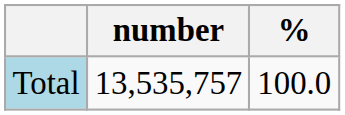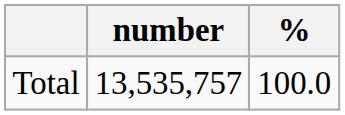 <table class="wikitable" style="text-align:center; border:5">
 <tr>
 <th></th>
 <th>number</th>
 <th>%</th>
 </tr>
 <tr>
-<td style="background: lightblue;">Total</td>
+<td>Total</td>
 <td>13,535,757</td>
 <td>100.0</td>
 </tr>
 </table>
